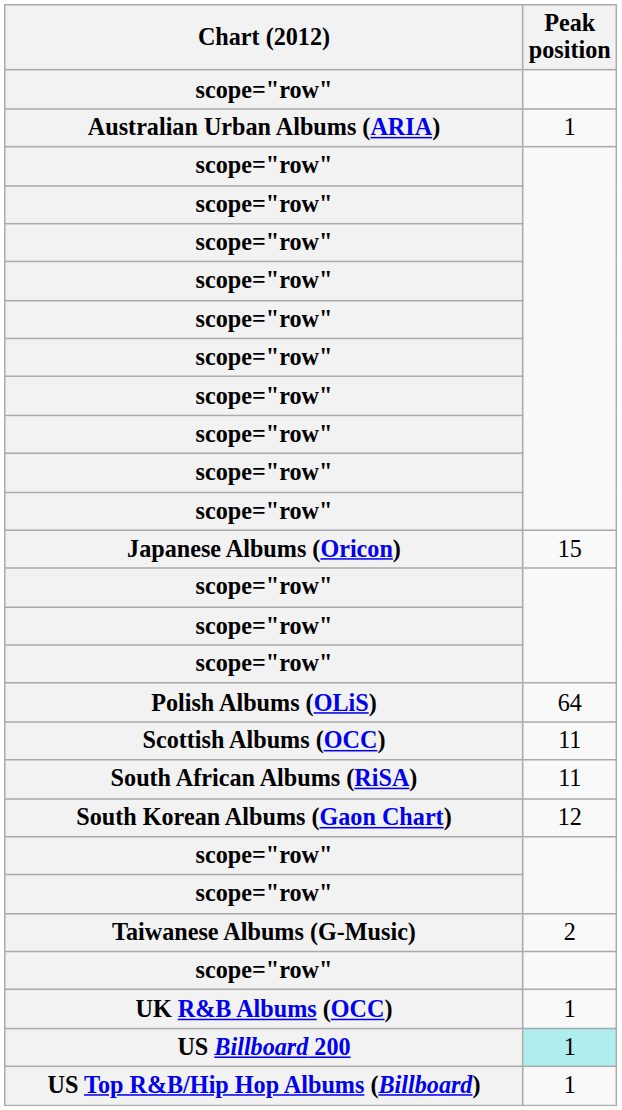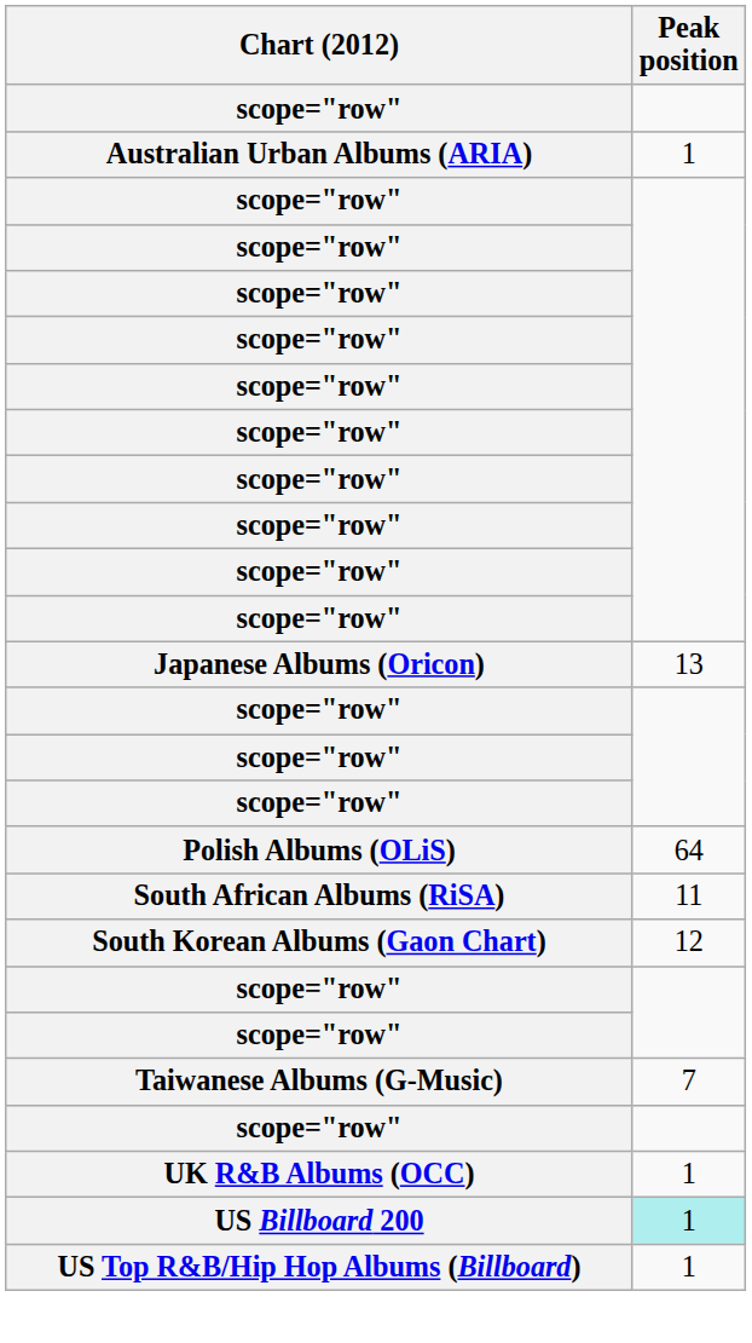 <table class="wikitable plainrowheaders sortable" style="text-align:center;">
 <tr>
 <th scope="col" style="width:21em;">Chart (2012)</th>
 <th scope="col">Peak<br>position</th>
 </tr>
 <tr>
 <th>scope="row" </th>
 </tr>
 <tr>
 <th scope="row">Australian Urban Albums (<a href='#'>ARIA</a>)</th>
 <td>1</td>
 </tr>
 <tr>
 <th>scope="row" </th>
 </tr>
 <tr>
 <th>scope="row" </th>
 </tr>
 <tr>
 <th>scope="row" </th>
 </tr>
 <tr>
 <th>scope="row" </th>
 </tr>
 <tr>
 <th>scope="row" </th>
 </tr>
 <tr>
 <th>scope="row" </th>
 </tr>
 <tr>
 <th>scope="row" </th>
 </tr>
 <tr>
 <th>scope="row" </th>
 </tr>
 <tr>
 <th>scope="row" </th>
 </tr>
 <tr>
 <th>scope="row" </th>
 </tr>
 <tr>
 <th scope="row">Japanese Albums (<a href='#'>Oricon</a>)</th>
-<td style="text-align:center;">15</td>
+<td style="text-align:center;">13</td>
 </tr>
 <tr>
 <th>scope="row" </th>
 </tr>
 <tr>
 <th>scope="row" </th>
 </tr>
 <tr>
 <th>scope="row" </th>
 </tr>
 <tr>
 <th scope="row">Polish Albums (<a href='#'>OLiS</a>)</th>
 <td>64</td>
-</tr>
-<tr>
-<th scope="row">Scottish Albums (<a href='#'>OCC</a>)</th>
-<td>11</td>
 </tr>
 <tr>
 <th scope="row">South African Albums (<a href='#'>RiSA</a>)</th>
 <td>11</td>
 </tr>
 <tr>
 <th scope="row">South Korean Albums (<a href='#'>Gaon Chart</a>)</th>
 <td>12</td>
 </tr>
 <tr>
 <th>scope="row" </th>
 </tr>
 <tr>
 <th>scope="row" </th>
 </tr>
 <tr>
 <th scope="row">Taiwanese Albums (G-Music)</th>
-<td>2</td>
+<td>7</td>
 </tr>
 <tr>
 <th>scope="row" </th>
 </tr>
 <tr>
 <th scope="row">UK <a href='#'>R&B Albums</a> (<a href='#'>OCC</a>)</th>
 <td>1</td>
 </tr>
 <tr>
 <th scope="row">US <a href='#'><em>Billboard</em> 200</a></th>
 <td style="background: paleturquoise;">1</td>
 </tr>
 <tr>
 <th scope="row">US <a href='#'>Top R&B/Hip Hop Albums</a> (<em><a href='#'>Billboard</a></em>)</th>
 <td>1</td>
 </tr>
 </table>
